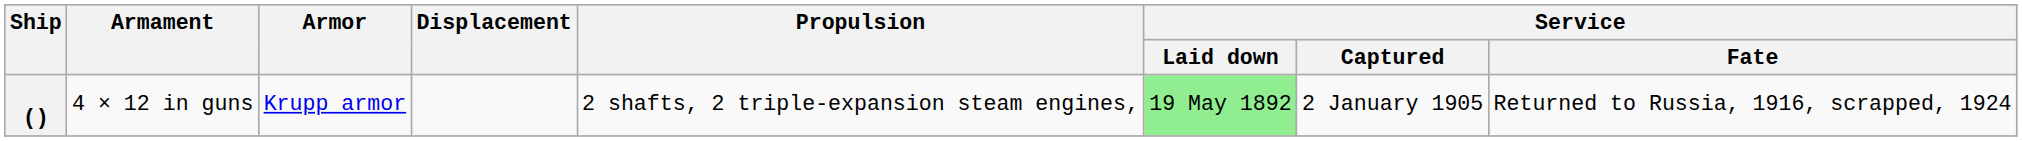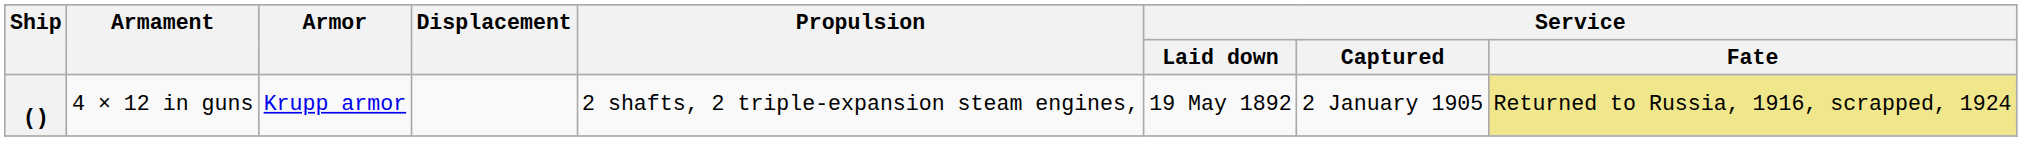 <table class="wikitable plainrowheaders" style="text-align: center;">
 <tr valign="top">
 <th scope="col" rowspan="2">Ship</th>
 <th scope="col" rowspan="2">Armament</th>
 <th scope="col" rowspan="2">Armor</th>
 <th scope="col" rowspan="2">Displacement</th>
 <th scope="col" rowspan="2">Propulsion</th>
 <th scope="col" colspan="3">Service</th>
 </tr>
 <tr valign="top">
 <th scope="col">Laid down</th>
 <th scope="col">Captured</th>
 <th scope="col">Fate</th>
 </tr>
 <tr valign="center">
 <th scope="row"><br>()</th>
 <td>4 × 12 in guns </td>
 <td> <a href='#'>Krupp armor</a></td>
 <td></td>
 <td>2 shafts, 2 triple-expansion steam engines,<br></td>
-<td style="background: lightgreen;">19 May 1892</td>
+<td>19 May 1892</td>
 <td>2 January 1905</td>
-<td>Returned to Russia, 1916, scrapped, 1924</td>
+<td style="background: khaki;">Returned to Russia, 1916, scrapped, 1924</td>
 </tr>
 </table>
